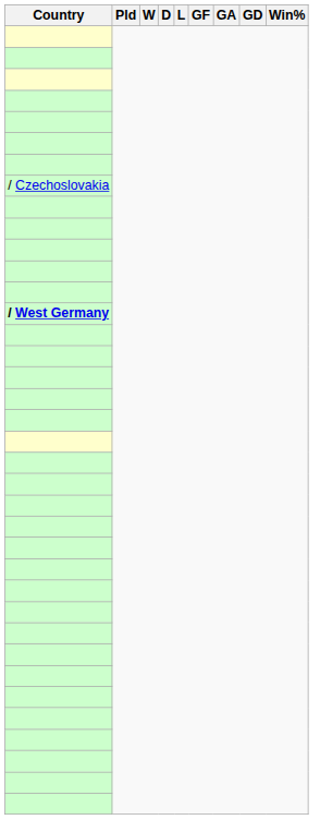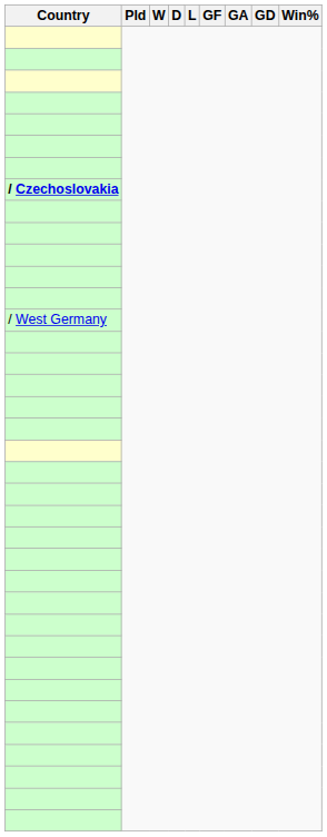 <table class="wikitable sortable plainrowheaders" style="text-align:center">
 <tr>
 <th scope="col">Country</th>
 <th scope="col">Pld</th>
 <th scope="col">W</th>
 <th scope="col">D</th>
 <th scope="col">L</th>
 <th scope="col">GF</th>
 <th scope="col">GA</th>
 <th scope="col">GD</th>
 <th scope="col">Win%</th>
 </tr>
 <tr>
 <td bgcolor=#FFFFCC align=left><br></td>
 </tr>
 <tr>
 <td bgcolor=#CCFFCC align=left><br></td>
 </tr>
 <tr>
 <td bgcolor=#FFFFCC align=left><br></td>
 </tr>
 <tr>
 <td bgcolor=#CCFFCC align=left><br></td>
 </tr>
 <tr>
 <td bgcolor=#CCFFCC align=left><br></td>
 </tr>
 <tr>
 <td bgcolor=#CCFFCC align=left><br></td>
 </tr>
 <tr>
 <td bgcolor=#CCFFCC align=left><br></td>
 </tr>
 <tr>
-<td bgcolor=#CCFFCC align=left> / <a href='#'>Czechoslovakia</a><br></td>
+<td bgcolor=#CCFFCC align=left><strong> / <a href='#'>Czechoslovakia</a><br></strong></td>
 </tr>
 <tr>
 <td bgcolor=#CCFFCC align=left><br></td>
 </tr>
 <tr>
 <td bgcolor=#CCFFCC align=left><br></td>
 </tr>
 <tr>
 <td bgcolor=#CCFFCC align=left><br></td>
 </tr>
 <tr>
 <td bgcolor=#CCFFCC align=left><br></td>
 </tr>
 <tr>
 <td bgcolor=#CCFFCC align=left><br></td>
 </tr>
 <tr>
-<td bgcolor=#CCFFCC align=left><strong> / <a href='#'>West Germany</a><br></strong></td>
+<td bgcolor=#CCFFCC align=left> / <a href='#'>West Germany</a><br></td>
 </tr>
 <tr>
 <td bgcolor=#CCFFCC align=left><br></td>
 </tr>
 <tr>
 <td bgcolor=#CCFFCC align=left><br></td>
 </tr>
 <tr>
 <td bgcolor=#CCFFCC align=left><br></td>
 </tr>
 <tr>
 <td bgcolor=#CCFFCC align=left><br></td>
 </tr>
 <tr>
 <td bgcolor=#CCFFCC align=left><br></td>
 </tr>
 <tr>
 <td bgcolor=#FFFFCC align=left><br></td>
 </tr>
 <tr>
 <td bgcolor=#CCFFCC align=left><br></td>
 </tr>
 <tr>
 <td bgcolor=#CCFFCC align=left><br></td>
 </tr>
 <tr>
 <td bgcolor=#CCFFCC align=left><br></td>
 </tr>
 <tr>
 <td bgcolor=#CCFFCC align=left><br></td>
 </tr>
 <tr>
 <td bgcolor=#CCFFCC align=left><br></td>
 </tr>
 <tr>
 <td bgcolor=#CCFFCC align=left><br></td>
 </tr>
 <tr>
 <td bgcolor=#CCFFCC align=left><br></td>
 </tr>
 <tr>
 <td bgcolor=#CCFFCC align=left><br></td>
 </tr>
 <tr>
 <td bgcolor=#CCFFCC align=left><br></td>
 </tr>
 <tr>
 <td bgcolor=#CCFFCC align=left><br></td>
 </tr>
 <tr>
 <td bgcolor=#CCFFCC align=left><br></td>
 </tr>
 <tr>
 <td bgcolor=#CCFFCC align=left><br></td>
 </tr>
 <tr>
 <td bgcolor=#CCFFCC align=left><br></td>
 </tr>
 <tr>
 <td bgcolor=#CCFFCC align=left><br></td>
 </tr>
 <tr>
 <td bgcolor=#CCFFCC align=left><br></td>
 </tr>
 <tr>
 <td bgcolor=#CCFFCC align=left><br></td>
 </tr>
 <tr>
 <td bgcolor=#CCFFCC align=left><br></td>
 </tr>
 </table>
